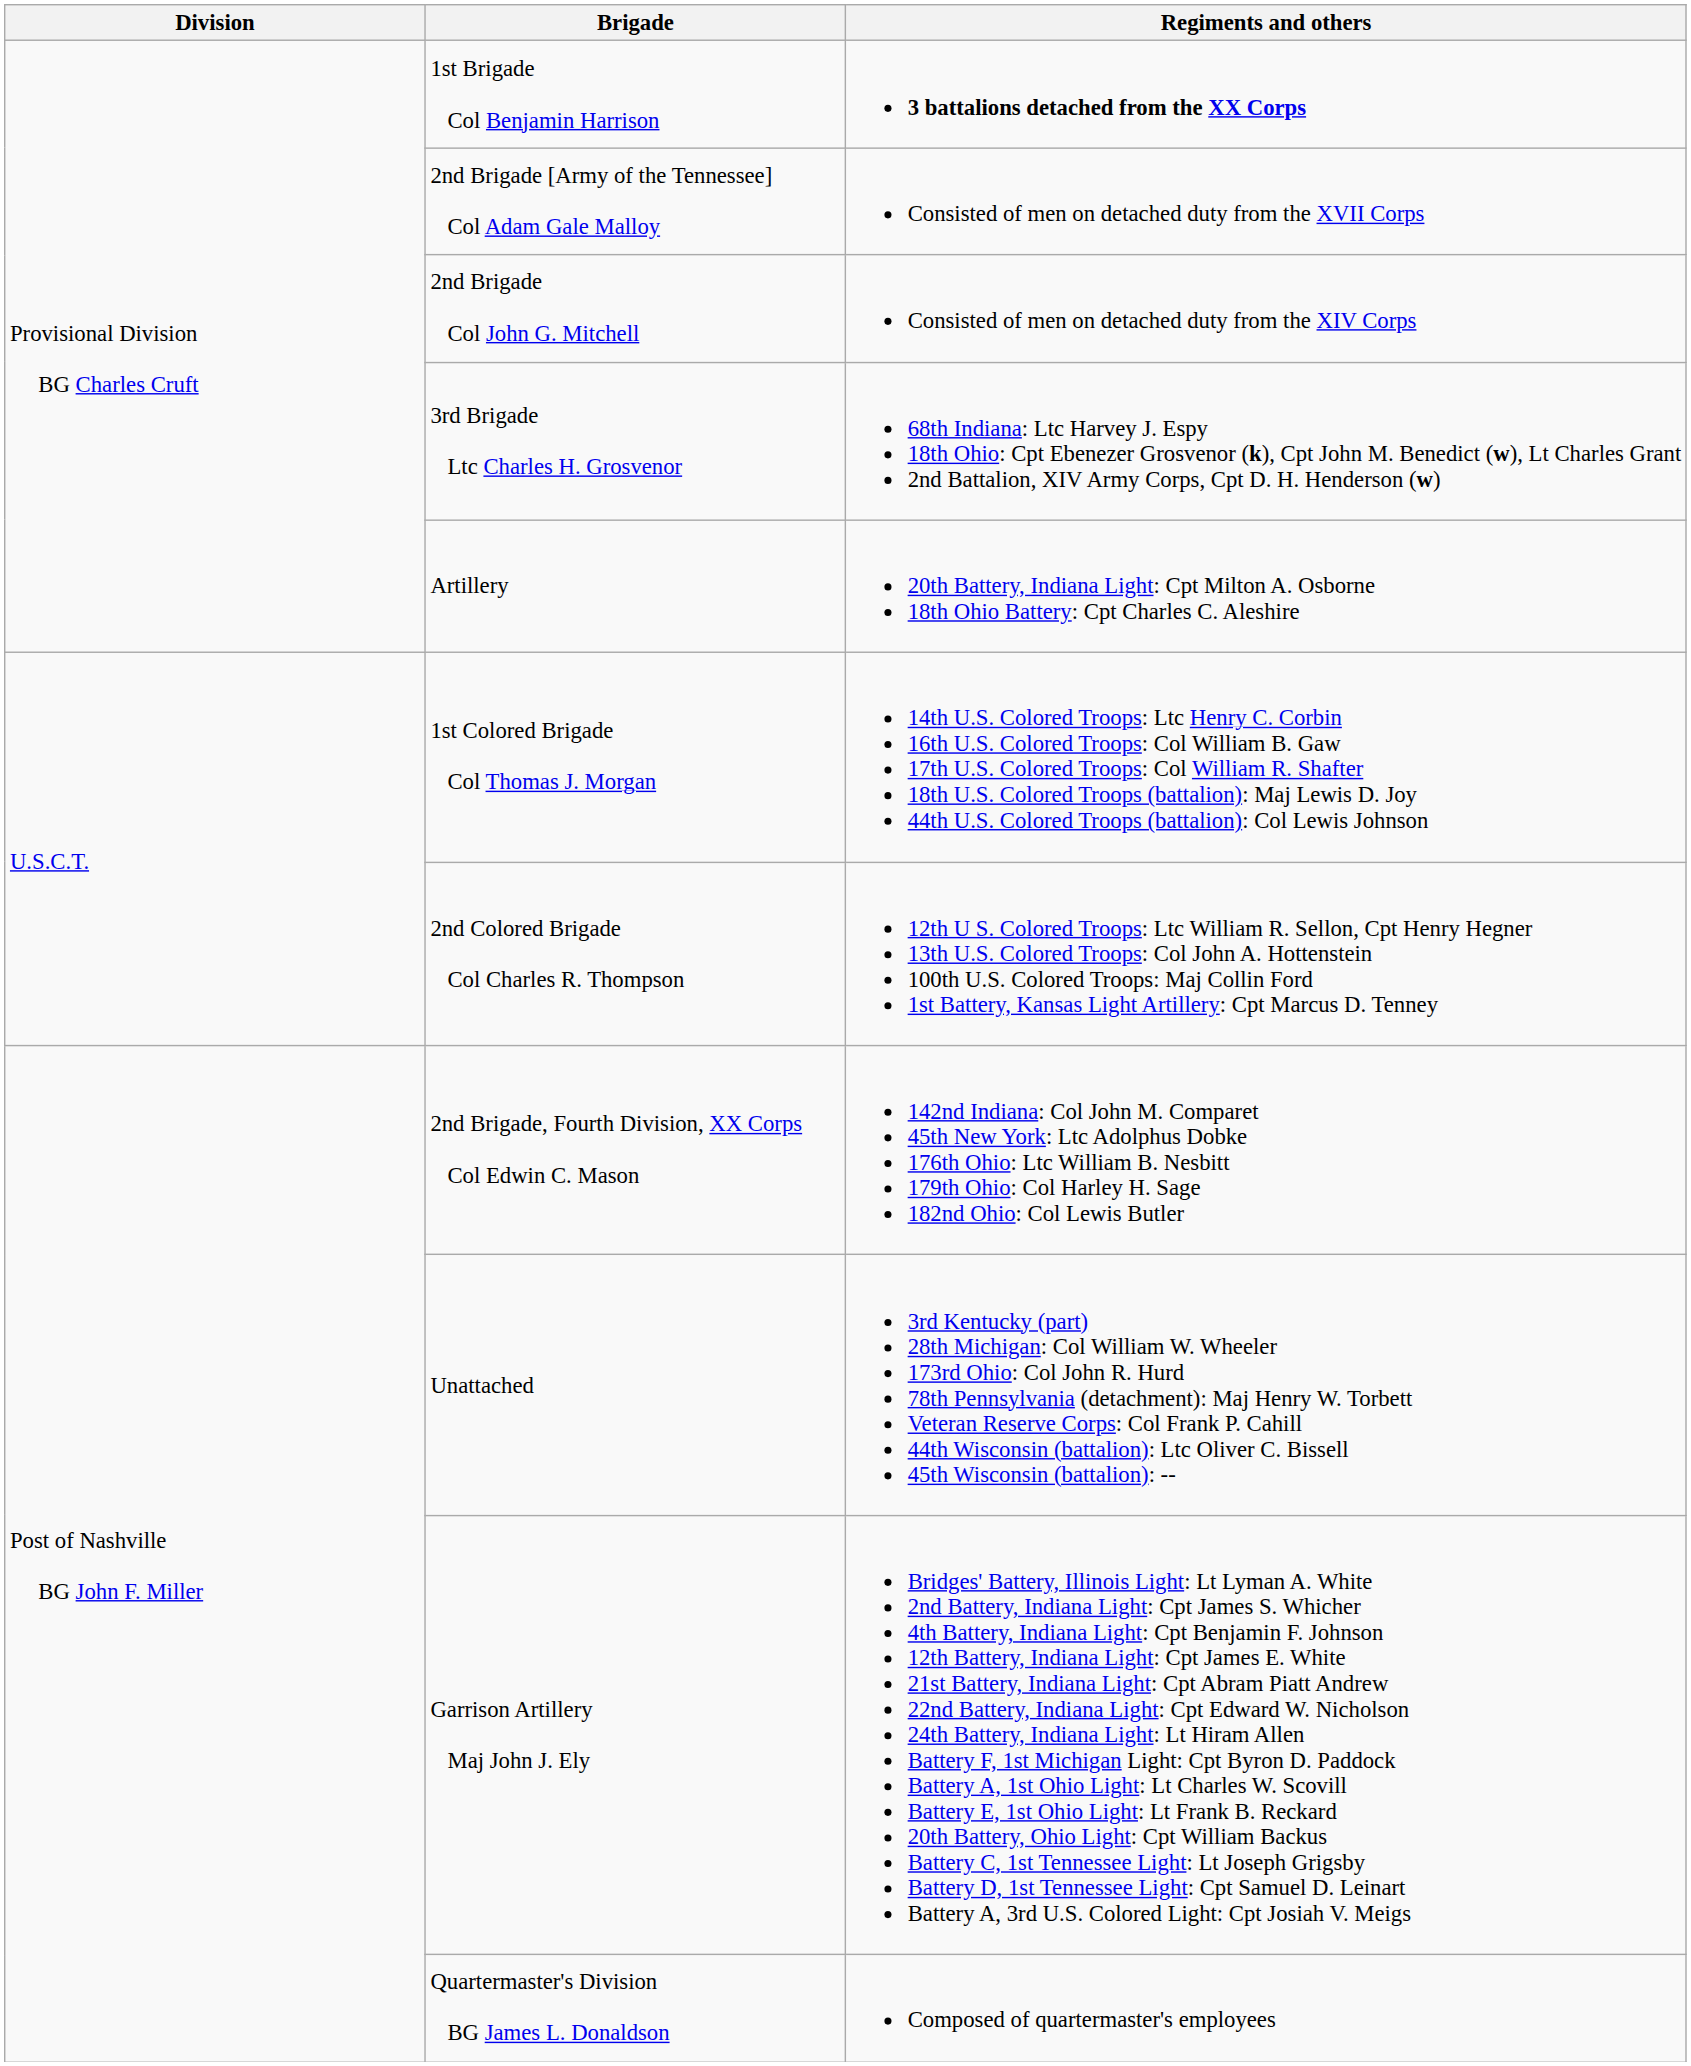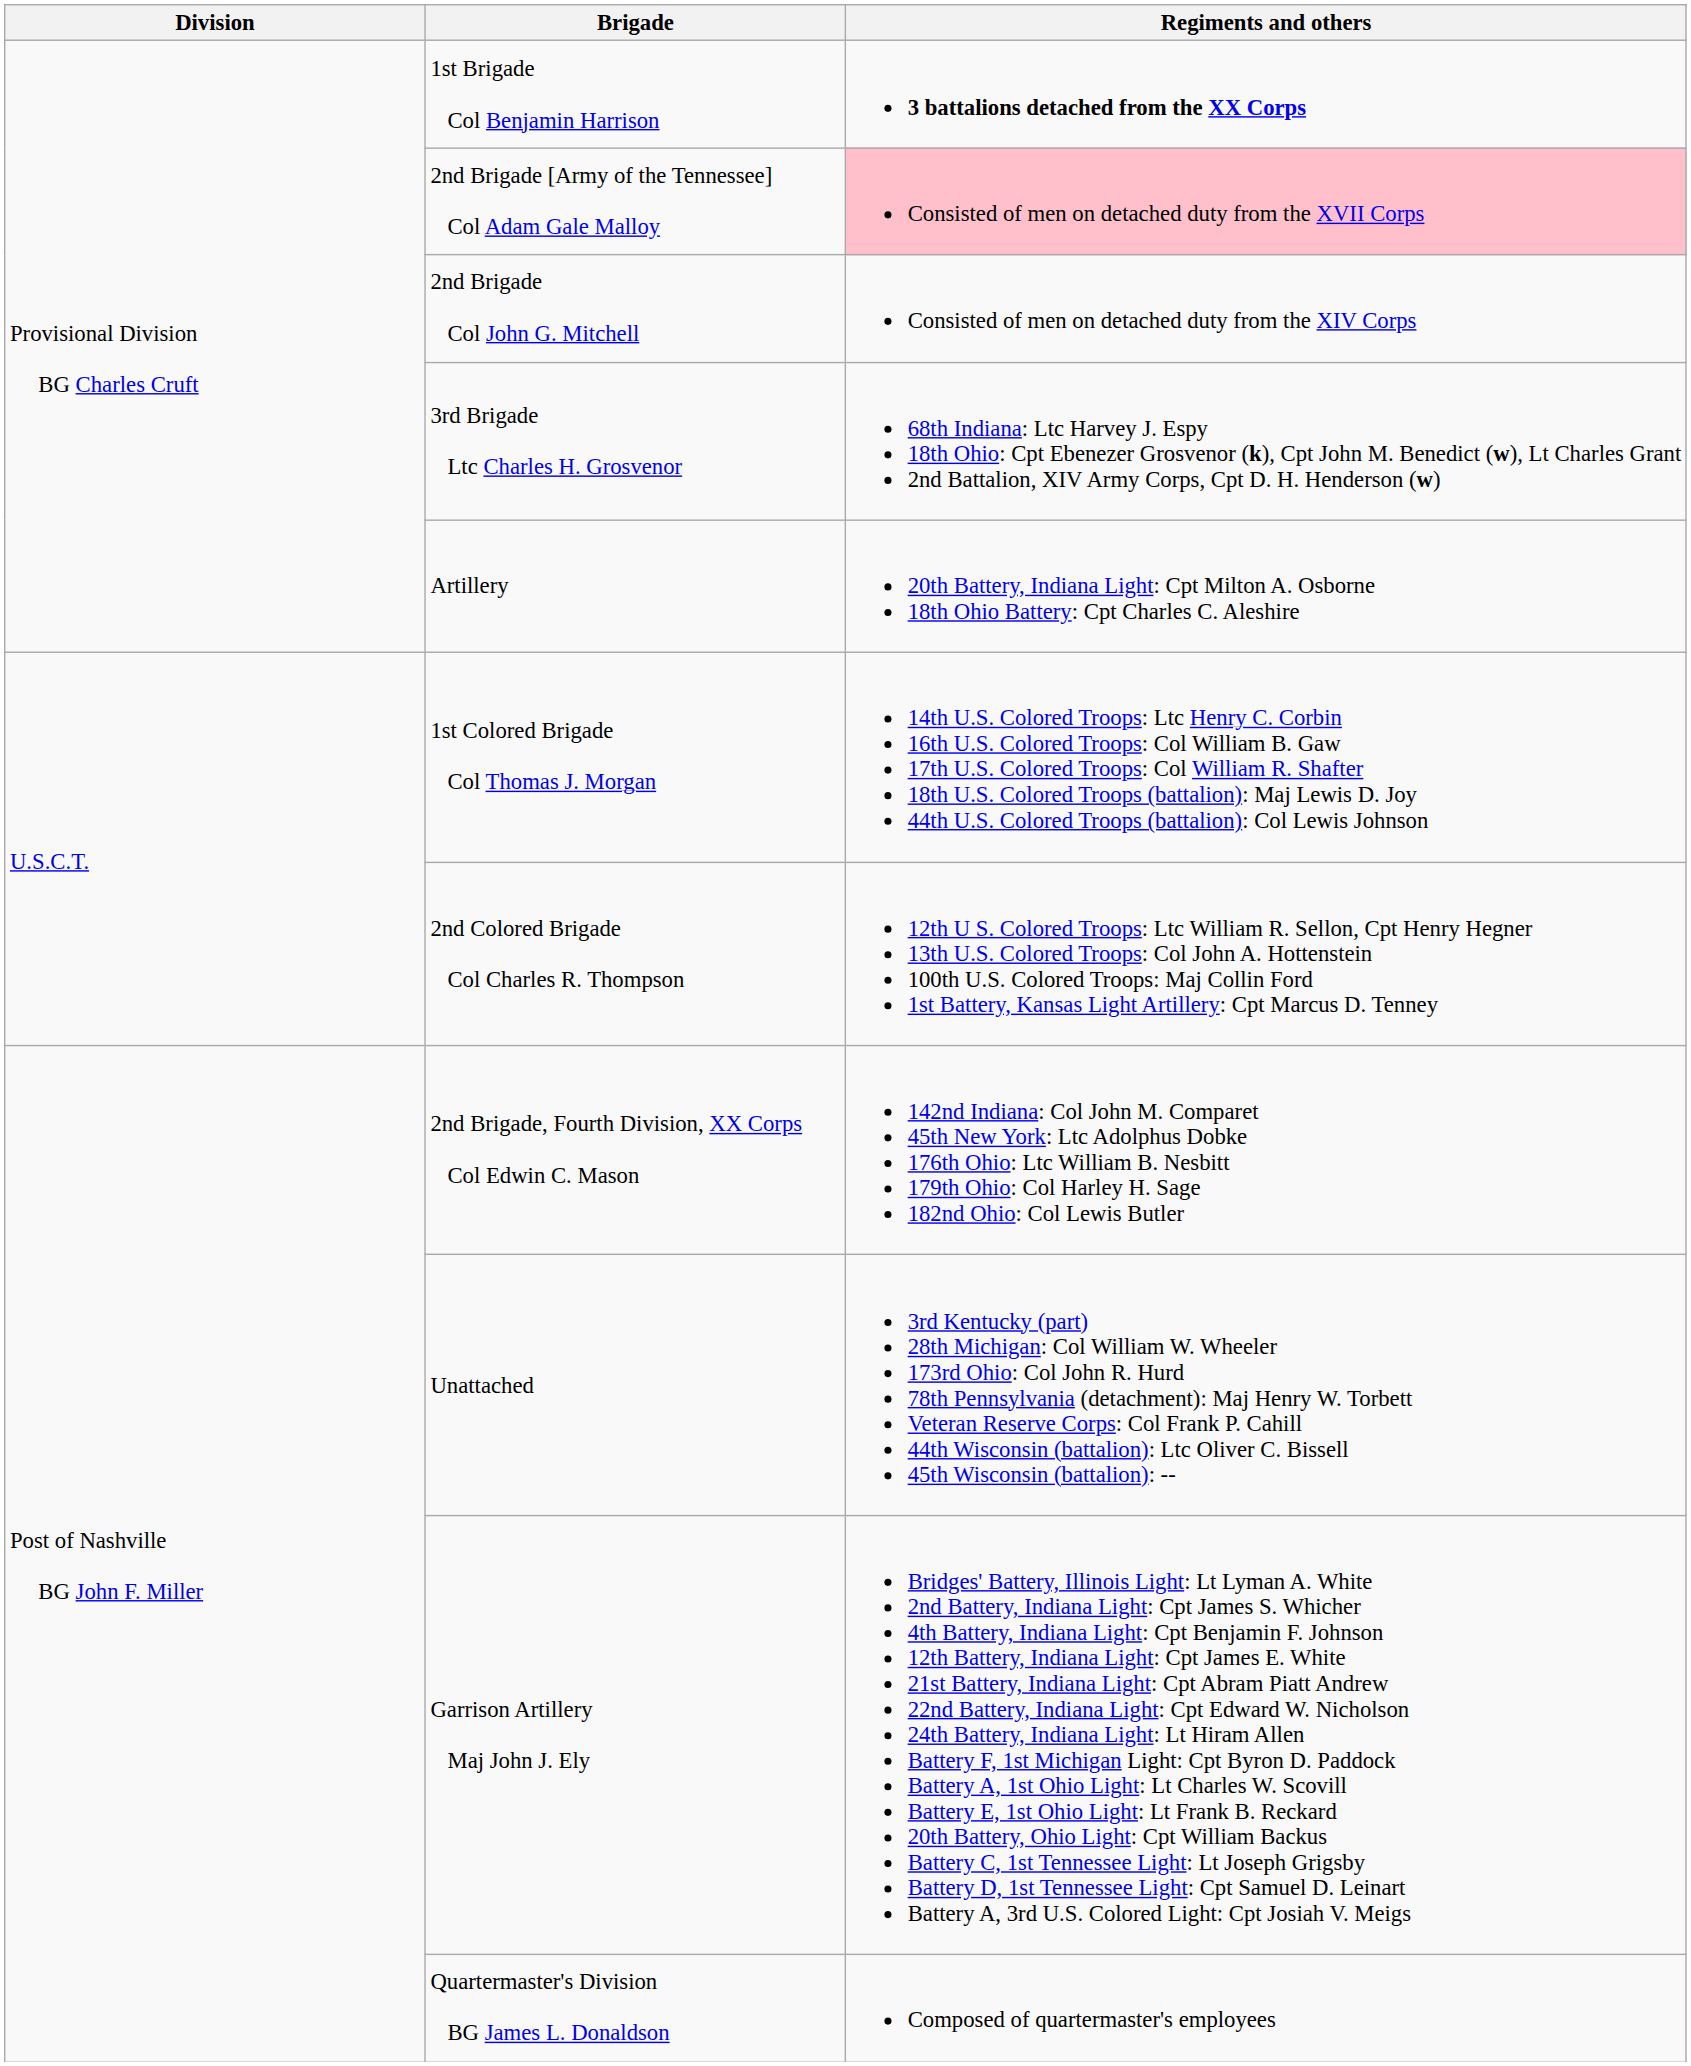 <table class="wikitable">
 <tr>
 <th width=25%>Division</th>
 <th width=25%>Brigade</th>
 <th>Regiments and others</th>
 </tr>
 <tr>
 <td rowspan=5><br>Provisional Division<br><br>     BG <a href='#'>Charles Cruft</a></td>
 <td>1st Brigade<br><br>   Col <a href='#'>Benjamin Harrison</a></td>
 <td><strong><br><ul><li>3 battalions detached from the <a href='#'>XX Corps</a></li></ul></strong></td>
 </tr>
 <tr>
 <td>2nd Brigade [Army of the Tennessee]<br><br>   Col <a href='#'>Adam Gale Malloy</a></td>
-<td><br><ul><li>Consisted of men on detached duty from the <a href='#'>XVII Corps</a></li></ul></td>
+<td style="background: pink;"><br><ul><li>Consisted of men on detached duty from the <a href='#'>XVII Corps</a></li></ul></td>
 </tr>
 <tr>
 <td>2nd Brigade<br><br>   Col <a href='#'>John G. Mitchell</a></td>
 <td><br><ul><li>Consisted of men on detached duty from the <a href='#'>XIV Corps</a></li></ul></td>
 </tr>
 <tr>
 <td>3rd Brigade<br><br>   Ltc <a href='#'>Charles H. Grosvenor</a></td>
 <td><br><ul><li><a href='#'>68th Indiana</a>: Ltc Harvey J. Espy</li><li><a href='#'>18th Ohio</a>: Cpt Ebenezer Grosvenor (<strong>k</strong>), Cpt John M. Benedict (<strong>w</strong>), Lt Charles Grant</li><li>2nd Battalion, XIV Army Corps, Cpt D. H. Henderson (<strong>w</strong>)</li></ul></td>
 </tr>
 <tr>
 <td>Artillery</td>
 <td><br><ul><li><a href='#'>20th Battery, Indiana Light</a>: Cpt Milton A. Osborne</li><li><a href='#'>18th Ohio Battery</a>: Cpt Charles C. Aleshire</li></ul></td>
 </tr>
 <tr>
 <td rowspan=2><br><a href='#'>U.S.C.T.</a></td>
 <td>1st Colored Brigade<br><br>   Col <a href='#'>Thomas J. Morgan</a></td>
 <td><br><ul><li><a href='#'>14th U.S. Colored Troops</a>: Ltc <a href='#'>Henry C. Corbin</a></li><li><a href='#'>16th U.S. Colored Troops</a>: Col William B. Gaw</li><li><a href='#'>17th U.S. Colored Troops</a>: Col <a href='#'>William R. Shafter</a></li><li><a href='#'>18th U.S. Colored Troops (battalion)</a>: Maj Lewis D. Joy</li><li><a href='#'>44th U.S. Colored Troops (battalion)</a>: Col Lewis Johnson</li></ul></td>
 </tr>
 <tr>
 <td>2nd Colored Brigade<br><br>   Col Charles R. Thompson</td>
 <td><br><ul><li><a href='#'>12th U S. Colored Troops</a>: Ltc William R. Sellon, Cpt Henry Hegner</li><li><a href='#'>13th U.S. Colored Troops</a>: Col John A. Hottenstein</li><li>100th U.S. Colored Troops: Maj Collin Ford</li><li><a href='#'>1st Battery, Kansas Light Artillery</a>: Cpt Marcus D. Tenney</li></ul></td>
 </tr>
 <tr>
 <td rowspan=4><br>Post of Nashville<br><br>     BG <a href='#'>John F. Miller</a></td>
 <td>2nd Brigade, Fourth Division, <a href='#'>XX Corps</a><br><br>   Col Edwin C. Mason</td>
 <td><br><ul><li><a href='#'>142nd Indiana</a>: Col John M. Comparet</li><li><a href='#'>45th New York</a>: Ltc Adolphus Dobke</li><li><a href='#'>176th Ohio</a>: Ltc William B. Nesbitt</li><li><a href='#'>179th Ohio</a>: Col Harley H. Sage</li><li><a href='#'>182nd Ohio</a>: Col Lewis Butler</li></ul></td>
 </tr>
 <tr>
 <td>Unattached</td>
 <td><br><ul><li><a href='#'>3rd Kentucky (part)</a></li><li><a href='#'>28th Michigan</a>: Col William W. Wheeler</li><li><a href='#'>173rd Ohio</a>: Col John R. Hurd</li><li><a href='#'>78th Pennsylvania</a> (detachment): Maj Henry W. Torbett</li><li><a href='#'>Veteran Reserve Corps</a>: Col Frank P. Cahill</li><li><a href='#'>44th Wisconsin (battalion)</a>: Ltc Oliver C. Bissell</li><li><a href='#'>45th Wisconsin (battalion)</a>: --</li></ul></td>
 </tr>
 <tr>
 <td>Garrison Artillery<br><br>   Maj John J. Ely</td>
 <td><br><ul><li><a href='#'>Bridges' Battery, Illinois Light</a>: Lt Lyman A. White</li><li><a href='#'>2nd Battery, Indiana Light</a>: Cpt James S. Whicher</li><li><a href='#'>4th Battery, Indiana Light</a>: Cpt Benjamin F. Johnson</li><li><a href='#'>12th Battery, Indiana Light</a>: Cpt James E. White</li><li><a href='#'>21st Battery, Indiana Light</a>: Cpt Abram Piatt Andrew</li><li><a href='#'>22nd Battery, Indiana Light</a>: Cpt Edward W. Nicholson</li><li><a href='#'>24th Battery, Indiana Light</a>: Lt Hiram Allen</li><li><a href='#'>Battery F, 1st Michigan</a> Light: Cpt Byron D. Paddock</li><li><a href='#'>Battery A, 1st Ohio Light</a>: Lt Charles W. Scovill</li><li><a href='#'>Battery E, 1st Ohio Light</a>: Lt Frank B. Reckard</li><li><a href='#'>20th Battery, Ohio Light</a>: Cpt William Backus</li><li><a href='#'>Battery C, 1st Tennessee Light</a>: Lt Joseph Grigsby</li><li><a href='#'>Battery D, 1st Tennessee Light</a>: Cpt Samuel D. Leinart</li><li>Battery A, 3rd U.S. Colored Light: Cpt Josiah V. Meigs</li></ul></td>
 </tr>
 <tr>
 <td>Quartermaster's Division<br><br>   BG <a href='#'>James L. Donaldson</a></td>
 <td><br><ul><li>Composed of quartermaster's employees</li></ul></td>
 </tr>
 </table>
